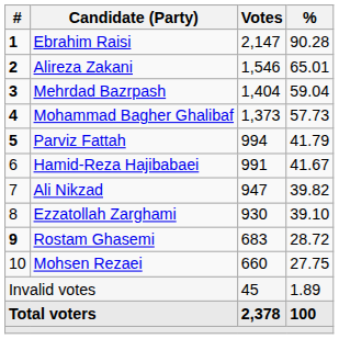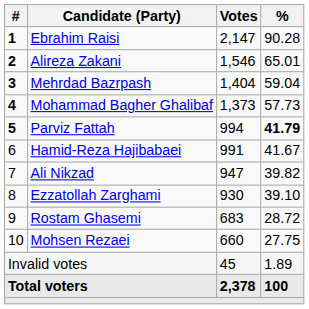 <table class="wikitable" style="font-size: 85%;">
 <tr>
 <th>#</th>
 <th>Candidate (Party)</th>
 <th>Votes</th>
 <th>%</th>
 </tr>
 <tr>
 <td><strong>1</strong></td>
 <td><a href='#'>Ebrahim Raisi</a> </td>
 <td>2,147</td>
 <td>90.28</td>
 </tr>
 <tr>
 <td><strong>2</strong></td>
 <td><a href='#'>Alireza Zakani</a> </td>
 <td>1,546</td>
 <td>65.01</td>
 </tr>
 <tr>
 <td><strong>3</strong></td>
 <td><a href='#'>Mehrdad Bazrpash</a> </td>
 <td>1,404</td>
 <td>59.04</td>
 </tr>
 <tr>
 <td><strong>4</strong></td>
 <td><a href='#'>Mohammad Bagher Ghalibaf</a> </td>
 <td>1,373</td>
 <td>57.73</td>
 </tr>
 <tr>
 <td><strong>5</strong></td>
 <td><a href='#'>Parviz Fattah</a> </td>
 <td>994</td>
-<td>41.79</td>
+<td><strong>41.79</strong></td>
 </tr>
 <tr>
 <td>6</td>
 <td><a href='#'>Hamid-Reza Hajibabaei</a> </td>
 <td>991</td>
 <td>41.67</td>
 </tr>
 <tr>
 <td>7</td>
 <td><a href='#'>Ali Nikzad</a> </td>
 <td>947</td>
 <td>39.82</td>
 </tr>
 <tr>
 <td>8</td>
 <td><a href='#'>Ezzatollah Zarghami</a></td>
 <td>930</td>
 <td>39.10</td>
 </tr>
 <tr>
-<td><strong>9</strong></td>
+<td>9</td>
 <td><a href='#'>Rostam Ghasemi</a> </td>
 <td>683</td>
 <td>28.72</td>
 </tr>
 <tr>
 <td>10</td>
 <td><a href='#'>Mohsen Rezaei</a> </td>
 <td>660</td>
 <td>27.75</td>
 </tr>
 <tr style="background:#f6f6f6;">
 <td colspan="2">Invalid votes</td>
 <td>45</td>
 <td>1.89</td>
 </tr>
 <tr style="background:#e9e9e9;">
 <td colspan="2"><strong>Total voters</strong></td>
 <td><strong>2,378</strong></td>
 <td><strong>100</strong></td>
 </tr>
 <tr style="background:#e9e9e9;">
 <td colspan="4"></td>
 </tr>
 </table>
